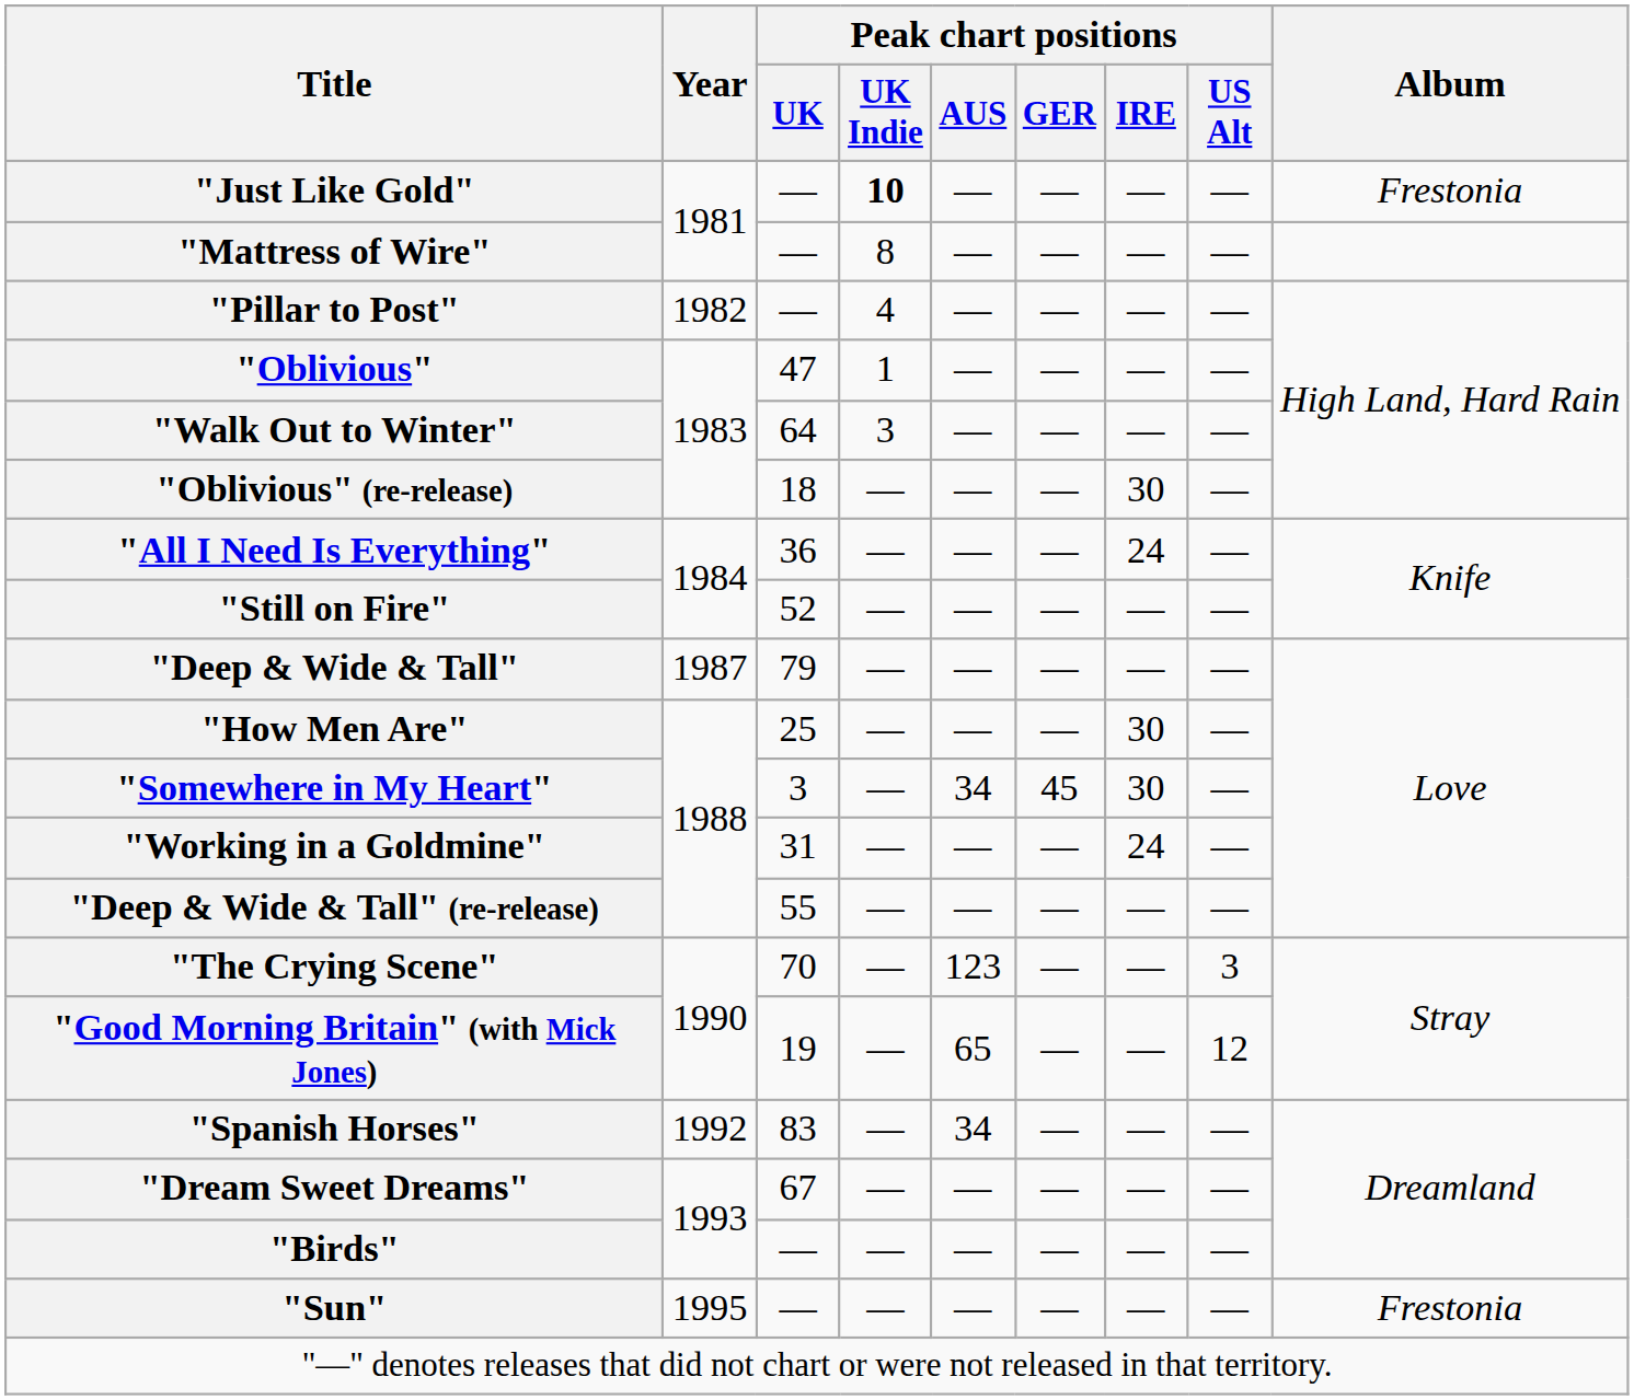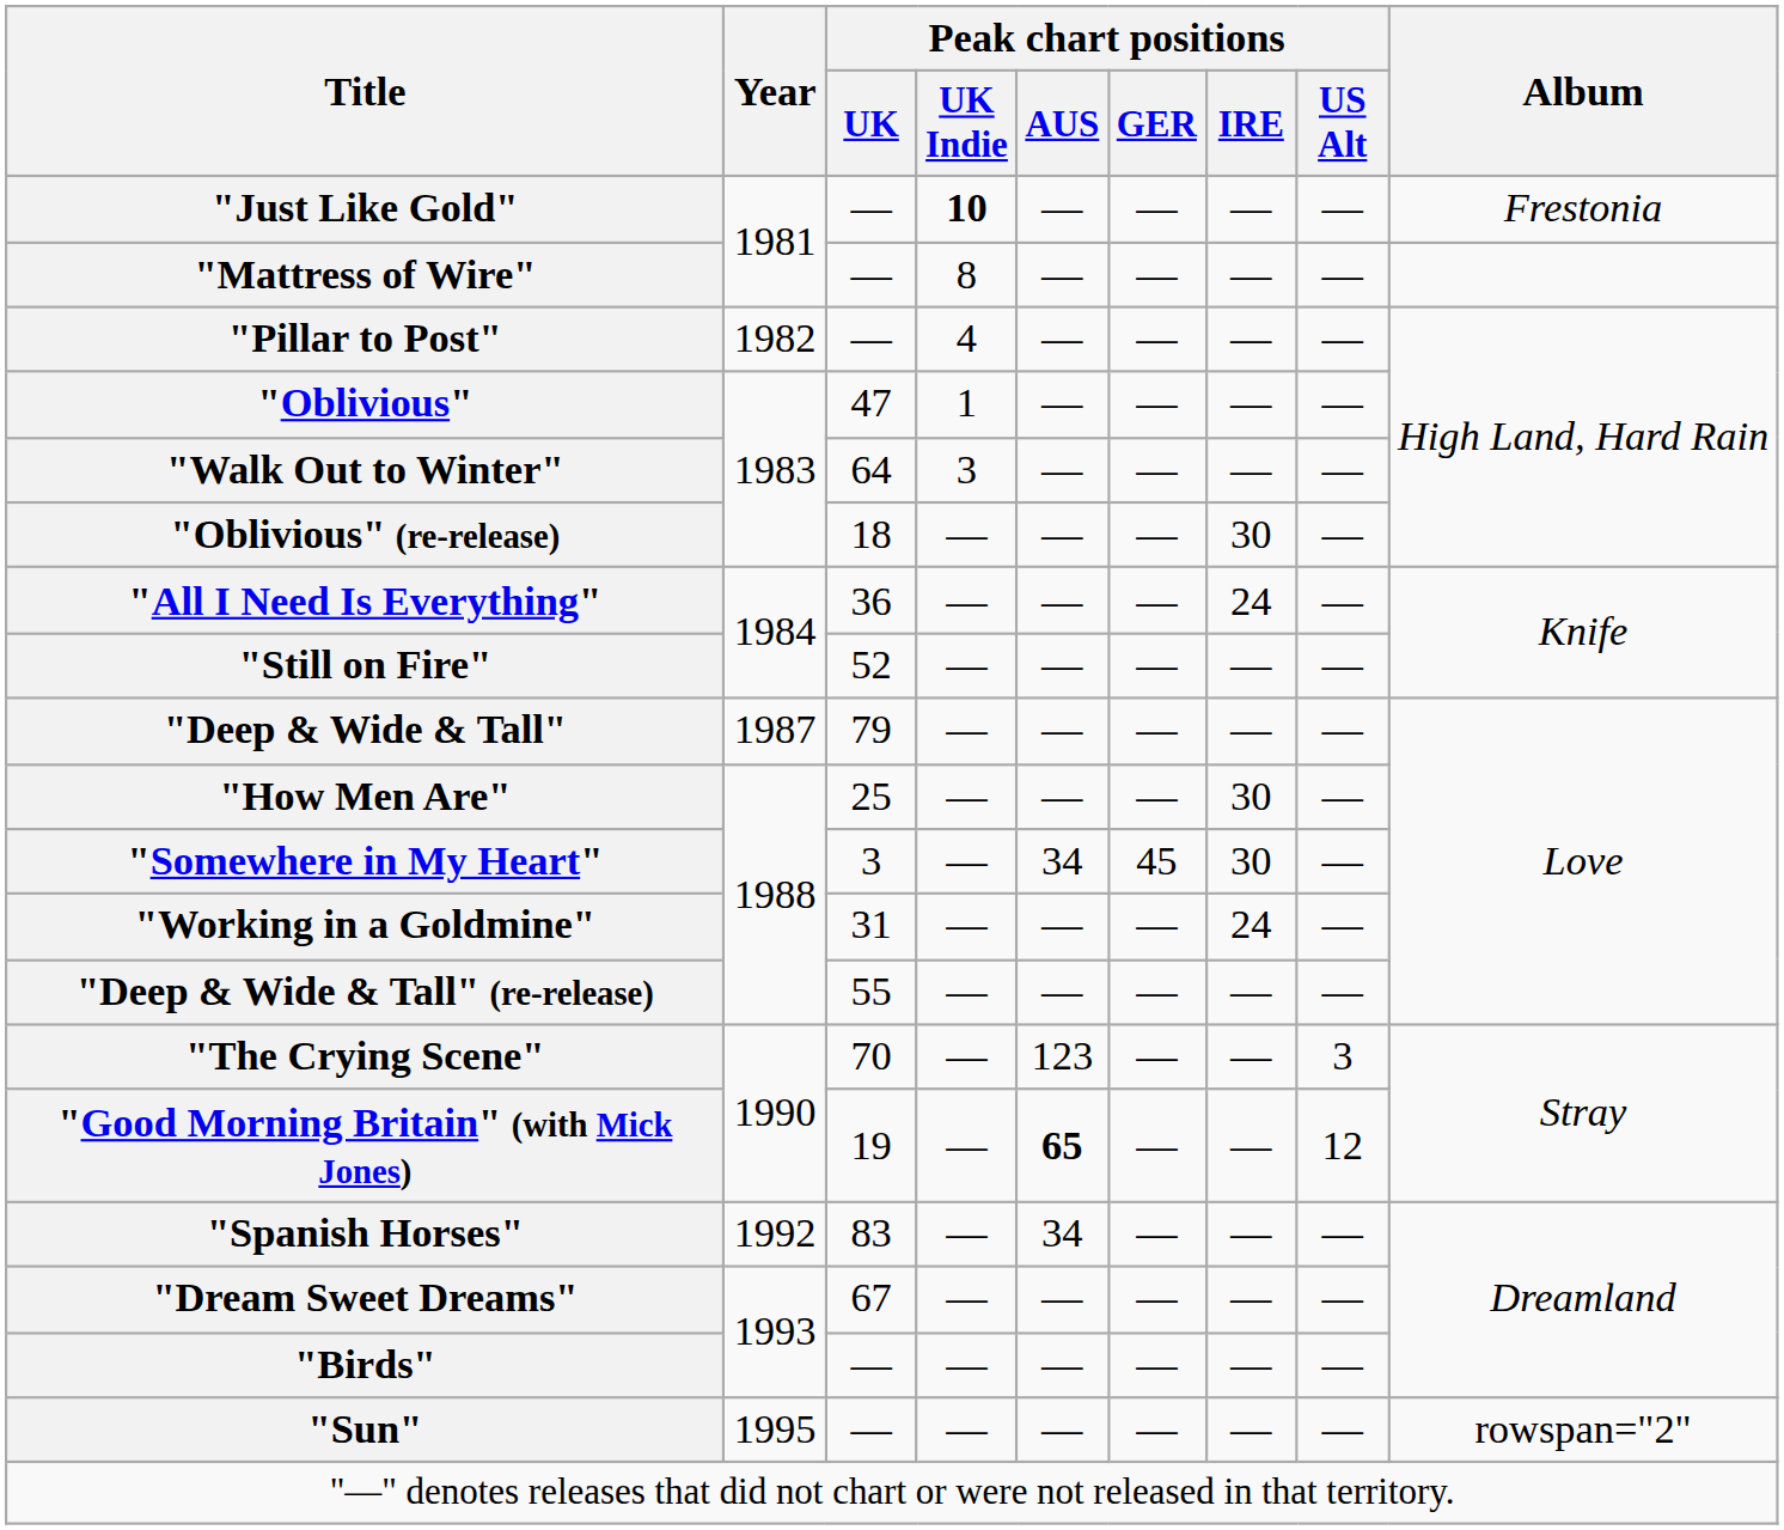 <table class="wikitable plainrowheaders" style="text-align:center;">
 <tr>
 <th rowspan="2" scope="col" style="width:17em;">Title</th>
 <th rowspan="2" scope="col" style="width:2em;">Year</th>
 <th colspan="6">Peak chart positions</th>
 <th rowspan="2">Album</th>
 </tr>
 <tr>
 <th scope="col" style="width:2em;font-size:90%;"><a href='#'>UK</a><br></th>
 <th scope="col" style="width:2em;font-size:90%;"><a href='#'>UK Indie</a><br></th>
 <th scope="col" style="width:2em;font-size:90%;"><a href='#'>AUS</a><br></th>
 <th scope="col" style="width:2em;font-size:90%;"><a href='#'>GER</a><br></th>
 <th scope="col" style="width:2em;font-size:90%;"><a href='#'>IRE</a><br></th>
 <th scope="col" style="width:2em;font-size:90%;"><a href='#'>US Alt</a><br></th>
 </tr>
 <tr>
 <th scope="row">"Just Like Gold"</th>
 <td rowspan="2">1981</td>
 <td>—</td>
 <td><strong>10</strong></td>
 <td>—</td>
 <td>—</td>
 <td>—</td>
 <td>—</td>
 <td><em>Frestonia</em></td>
 </tr>
 <tr>
 <th scope="row">"Mattress of Wire"</th>
 <td>—</td>
 <td>8</td>
 <td>—</td>
 <td>—</td>
 <td>—</td>
 <td>—</td>
 </tr>
 <tr>
 <th scope="row">"Pillar to Post"</th>
 <td>1982</td>
 <td>—</td>
 <td>4</td>
 <td>—</td>
 <td>—</td>
 <td>—</td>
 <td>—</td>
 <td rowspan="4"><em>High Land, Hard Rain</em></td>
 </tr>
 <tr>
 <th scope="row">"<a href='#'>Oblivious</a>"</th>
 <td rowspan="3">1983</td>
 <td>47</td>
 <td>1</td>
 <td>—</td>
 <td>—</td>
 <td>—</td>
 <td>—</td>
 </tr>
 <tr>
 <th scope="row">"Walk Out to Winter"</th>
 <td>64</td>
 <td>3</td>
 <td>—</td>
 <td>—</td>
 <td>—</td>
 <td>—</td>
 </tr>
 <tr>
 <th scope="row">"Oblivious" <small>(re-release)</small></th>
 <td>18</td>
 <td>—</td>
 <td>—</td>
 <td>—</td>
 <td>30</td>
 <td>—</td>
 </tr>
 <tr>
 <th scope="row">"<a href='#'>All I Need Is Everything</a>"</th>
 <td rowspan="2">1984</td>
 <td>36</td>
 <td>—</td>
 <td>—</td>
 <td>—</td>
 <td>24</td>
 <td>—</td>
 <td rowspan="2"><em>Knife</em></td>
 </tr>
 <tr>
 <th scope="row">"Still on Fire"</th>
 <td>52</td>
 <td>—</td>
 <td>—</td>
 <td>—</td>
 <td>—</td>
 <td>—</td>
 </tr>
 <tr>
 <th scope="row">"Deep & Wide & Tall"</th>
 <td>1987</td>
 <td>79</td>
 <td>—</td>
 <td>—</td>
 <td>—</td>
 <td>—</td>
 <td>—</td>
 <td rowspan="5"><em>Love</em></td>
 </tr>
 <tr>
 <th scope="row">"How Men Are"</th>
 <td rowspan="4">1988</td>
 <td>25</td>
 <td>—</td>
 <td>—</td>
 <td>—</td>
 <td>30</td>
 <td>—</td>
 </tr>
 <tr>
 <th scope="row">"<a href='#'>Somewhere in My Heart</a>"</th>
 <td>3</td>
 <td>—</td>
 <td>34</td>
 <td>45</td>
 <td>30</td>
 <td>—</td>
 </tr>
 <tr>
 <th scope="row">"Working in a Goldmine"</th>
 <td>31</td>
 <td>—</td>
 <td>—</td>
 <td>—</td>
 <td>24</td>
 <td>—</td>
 </tr>
 <tr>
 <th scope="row">"Deep & Wide & Tall" <small>(re-release)</small></th>
 <td>55</td>
 <td>—</td>
 <td>—</td>
 <td>—</td>
 <td>—</td>
 <td>—</td>
 </tr>
 <tr>
 <th scope="row">"The Crying Scene"</th>
 <td rowspan="2">1990</td>
 <td>70</td>
 <td>—</td>
 <td>123</td>
 <td>—</td>
 <td>—</td>
 <td>3</td>
 <td rowspan="2"><em>Stray</em></td>
 </tr>
 <tr>
 <th scope="row">"<a href='#'>Good Morning Britain</a>" <small>(with <a href='#'>Mick Jones</a>)</small></th>
 <td>19</td>
 <td>—</td>
-<td>65</td>
+<td><strong>65</strong></td>
 <td>—</td>
 <td>—</td>
 <td>12</td>
 </tr>
 <tr>
 <th scope="row">"Spanish Horses"</th>
 <td>1992</td>
 <td>83</td>
 <td>—</td>
 <td>34</td>
 <td>—</td>
 <td>—</td>
 <td>—</td>
 <td rowspan="3"><em>Dreamland</em></td>
 </tr>
 <tr>
 <th scope="row">"Dream Sweet Dreams"</th>
 <td rowspan="2">1993</td>
 <td>67</td>
 <td>—</td>
 <td>—</td>
 <td>—</td>
 <td>—</td>
 <td>—</td>
 </tr>
 <tr>
 <th scope="row">"Birds"</th>
 <td>—</td>
 <td>—</td>
 <td>—</td>
 <td>—</td>
 <td>—</td>
 <td>—</td>
 </tr>
 <tr>
 <th scope="row">"Sun"</th>
 <td>1995</td>
 <td>—</td>
 <td>—</td>
 <td>—</td>
 <td>—</td>
 <td>—</td>
 <td>—</td>
-<td><em>Frestonia</em></td>
+<td>rowspan="2" </td>
 </tr>
 <tr>
 <td colspan="9" style="font-size:90%">"—" denotes releases that did not chart or were not released in that territory.</td>
 </tr>
 </table>
